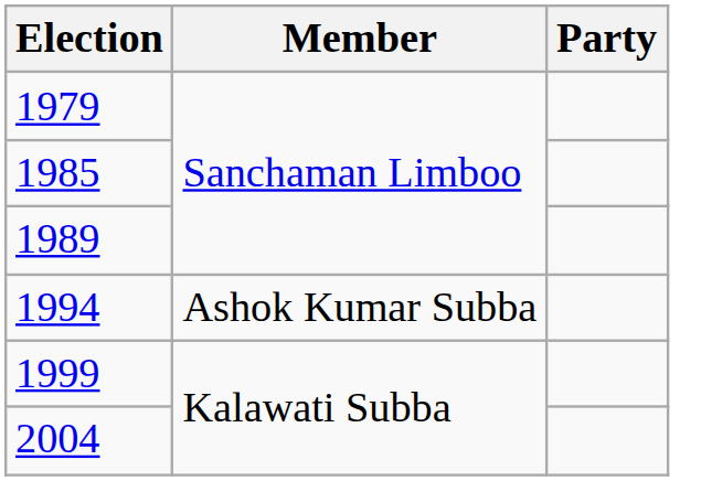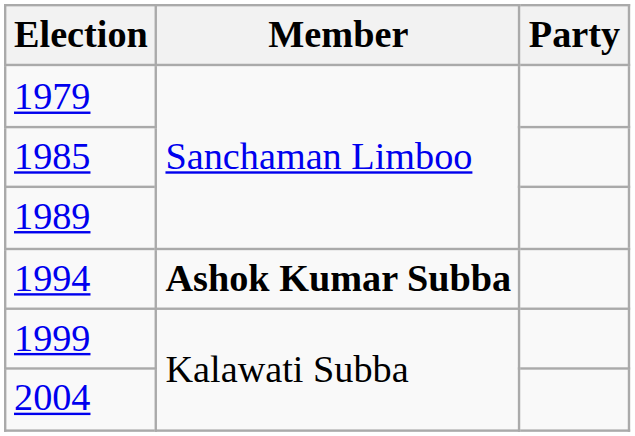 <table class="wikitable sortable">
 <tr>
 <th>Election</th>
 <th>Member</th>
 <th colspan=2>Party</th>
 </tr>
 <tr>
 <td><a href='#'>1979</a></td>
 <td rowspan=3><a href='#'>Sanchaman Limboo</a></td>
 <td></td>
 </tr>
 <tr>
 <td><a href='#'>1985</a></td>
 <td></td>
 </tr>
 <tr>
 <td><a href='#'>1989</a></td>
 </tr>
 <tr>
 <td><a href='#'>1994</a></td>
-<td>Ashok Kumar Subba</td>
+<td><strong>Ashok Kumar Subba</strong></td>
 <td></td>
 </tr>
 <tr>
 <td><a href='#'>1999</a></td>
 <td rowspan=2>Kalawati Subba</td>
 <td></td>
 </tr>
 <tr>
 <td><a href='#'>2004</a></td>
 </tr>
 </table>
